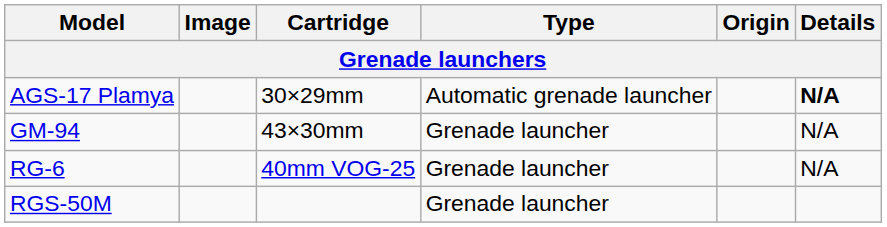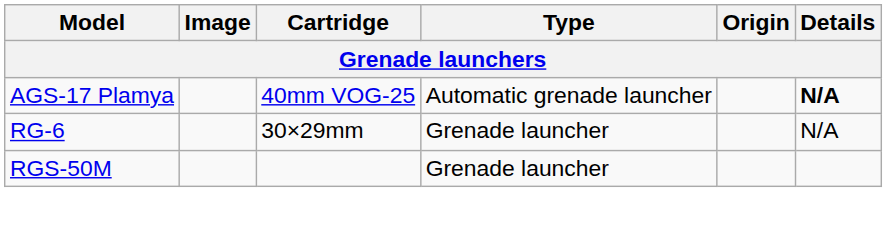 <table class="wikitable">
 <tr>
 <th>Model</th>
 <th>Image</th>
 <th>Cartridge</th>
 <th>Type</th>
 <th>Origin</th>
 <th>Details</th>
 </tr>
 <tr>
 <th colspan="6" style="align: center;"><a href='#'>Grenade launchers</a></th>
 </tr>
 <tr>
 <td><a href='#'>AGS-17 Plamya</a></td>
 <td></td>
-<td>30×29mm</td>
+<td><a href='#'>40mm VOG-25</a></td>
 <td>Automatic grenade launcher</td>
 <td></td>
 <td><strong>N/A</strong></td>
 </tr>
 <tr>
-<td><a href='#'>GM-94</a></td>
-<td></td>
-<td>43×30mm</td>
-<td>Grenade launcher</td>
-<td></td>
-<td>N/A</td>
-</tr>
-<tr>
 <td><a href='#'>RG-6</a></td>
 <td></td>
-<td><a href='#'>40mm VOG-25</a></td>
+<td>30×29mm</td>
 <td>Grenade launcher</td>
 <td></td>
 <td>N/A</td>
 </tr>
 <tr>
 <td><a href='#'>RGS-50M</a></td>
 <td></td>
 <td></td>
 <td>Grenade launcher</td>
 <td></td>
 <td></td>
 </tr>
 </table>
